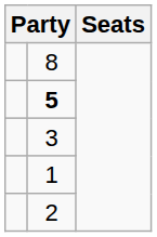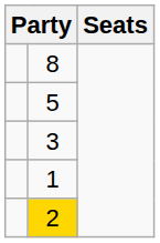 <table class="wikitable" style="font-size: 95%;">
 <tr>
 <th colspan=2>Party</th>
 <th>Seats</th>
 </tr>
 <tr>
 <td></td>
 <td align="center">8</td>
 </tr>
 <tr>
 <td></td>
-<td align="center"><strong>5</strong></td>
+<td align="center">5</td>
 </tr>
 <tr>
 <td></td>
 <td align="center">3</td>
 </tr>
 <tr>
 <td></td>
 <td align="center">1</td>
 </tr>
 <tr>
 <td></td>
-<td align="center">2</td>
+<td align="center" style="background: gold;">2</td>
 </tr>
 </table>
